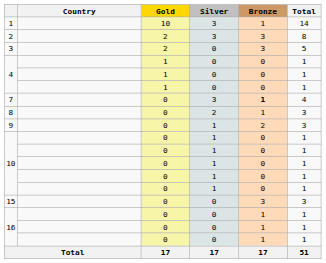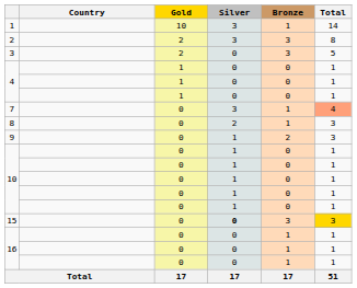 <table class="wikitable" style="text-align:center;">
 <tr>
 <th></th>
 <th width="200">Country</th>
 <th width="75" style="background-color:gold"> Gold</th>
 <th width="75" style="background-color:silver"> Silver</th>
 <th width="75" style="background-color:#CC9966"> Bronze</th>
 <th width="50">Total</th>
 </tr>
 <tr>
 <td>1</td>
 <td style="text-align:left;"></td>
 <td style="background-color:#F7F6A8;">10</td>
 <td style="background-color:#DCE5E5;">3</td>
 <td style="background-color:#FFDAB9;">1</td>
 <td>14</td>
 </tr>
 <tr>
 <td>2</td>
 <td style="text-align:left;"></td>
 <td style="background-color:#F7F6A8;">2</td>
 <td style="background-color:#DCE5E5;">3</td>
 <td style="background-color:#FFDAB9;">3</td>
 <td>8</td>
 </tr>
 <tr>
 <td>3</td>
 <td style="text-align:left;"></td>
 <td style="background-color:#F7F6A8;">2</td>
 <td style="background-color:#DCE5E5;">0</td>
 <td style="background-color:#FFDAB9;">3</td>
 <td>5</td>
 </tr>
 <tr>
 <td rowspan="3">4</td>
 <td style="text-align:left;"></td>
 <td style="background-color:#F7F6A8;">1</td>
 <td style="background-color:#DCE5E5;">0</td>
 <td style="background-color:#FFDAB9;">0</td>
 <td>1</td>
 </tr>
 <tr>
 <td style="text-align:left;"></td>
 <td style="background-color:#F7F6A8;">1</td>
 <td style="background-color:#DCE5E5;">0</td>
 <td style="background-color:#FFDAB9;">0</td>
 <td>1</td>
 </tr>
 <tr>
 <td style="text-align:left;"></td>
 <td style="background-color:#F7F6A8;">1</td>
 <td style="background-color:#DCE5E5;">0</td>
 <td style="background-color:#FFDAB9;">0</td>
 <td>1</td>
 </tr>
 <tr>
 <td>7</td>
 <td style="text-align:left;"></td>
 <td style="background-color:#F7F6A8;">0</td>
 <td style="background-color:#DCE5E5;">3</td>
-<td style="background-color:#FFDAB9;"><strong>1</strong></td>
-<td>4</td>
+<td style="background-color:#FFDAB9;">1</td>
+<td style="background: lightsalmon;">4</td>
 </tr>
 <tr>
 <td>8</td>
 <td style="text-align:left;"></td>
 <td style="background-color:#F7F6A8;">0</td>
 <td style="background-color:#DCE5E5;">2</td>
 <td style="background-color:#FFDAB9;">1</td>
 <td>3</td>
 </tr>
 <tr>
 <td>9</td>
 <td style="text-align:left;"></td>
 <td style="background-color:#F7F6A8;">0</td>
 <td style="background-color:#DCE5E5;">1</td>
 <td style="background-color:#FFDAB9;">2</td>
 <td>3</td>
 </tr>
 <tr>
 <td rowspan="5">10</td>
 <td style="text-align:left;"></td>
 <td style="background-color:#F7F6A8;">0</td>
 <td style="background-color:#DCE5E5;">1</td>
 <td style="background-color:#FFDAB9;">0</td>
 <td>1</td>
 </tr>
 <tr>
 <td style="text-align:left;"></td>
 <td style="background-color:#F7F6A8;">0</td>
 <td style="background-color:#DCE5E5;">1</td>
 <td style="background-color:#FFDAB9;">0</td>
 <td>1</td>
 </tr>
 <tr>
 <td style="text-align:left;"></td>
 <td style="background-color:#F7F6A8;">0</td>
 <td style="background-color:#DCE5E5;">1</td>
 <td style="background-color:#FFDAB9;">0</td>
 <td>1</td>
 </tr>
 <tr>
 <td style="text-align:left;"></td>
 <td style="background-color:#F7F6A8;">0</td>
 <td style="background-color:#DCE5E5;">1</td>
 <td style="background-color:#FFDAB9;">0</td>
 <td>1</td>
 </tr>
 <tr>
 <td style="text-align:left;"></td>
 <td style="background-color:#F7F6A8;">0</td>
 <td style="background-color:#DCE5E5;">1</td>
 <td style="background-color:#FFDAB9;">0</td>
 <td>1</td>
 </tr>
 <tr>
 <td>15</td>
 <td style="text-align:left;"></td>
 <td style="background-color:#F7F6A8;">0</td>
-<td style="background-color:#DCE5E5;">0</td>
+<td style="background-color:#DCE5E5;"><strong>0</strong></td>
 <td style="background-color:#FFDAB9;">3</td>
-<td>3</td>
+<td style="background: gold;">3</td>
 </tr>
 <tr>
 <td rowspan="3">16</td>
 <td style="text-align:left;"></td>
 <td style="background-color:#F7F6A8;">0</td>
 <td style="background-color:#DCE5E5;">0</td>
 <td style="background-color:#FFDAB9;">1</td>
 <td>1</td>
 </tr>
 <tr>
 <td style="text-align:left;"></td>
 <td style="background-color:#F7F6A8;">0</td>
 <td style="background-color:#DCE5E5;">0</td>
 <td style="background-color:#FFDAB9;">1</td>
 <td>1</td>
 </tr>
 <tr>
 <td style="text-align:left;"></td>
 <td style="background-color:#F7F6A8;">0</td>
 <td style="background-color:#DCE5E5;">0</td>
 <td style="background-color:#FFDAB9;">1</td>
 <td>1</td>
 </tr>
 <tr>
 <th colspan="2">Total</th>
 <th>17</th>
 <th>17</th>
 <th>17</th>
 <th>51</th>
 </tr>
 </table>
